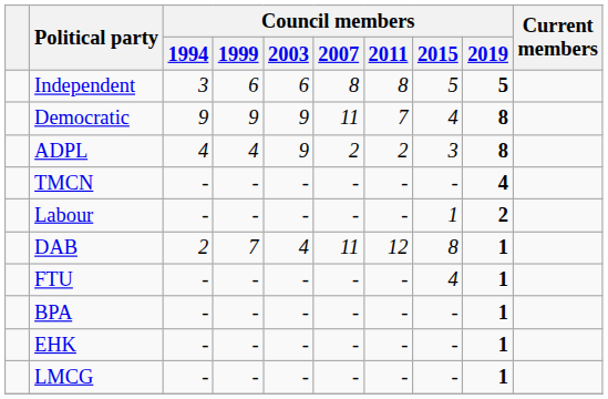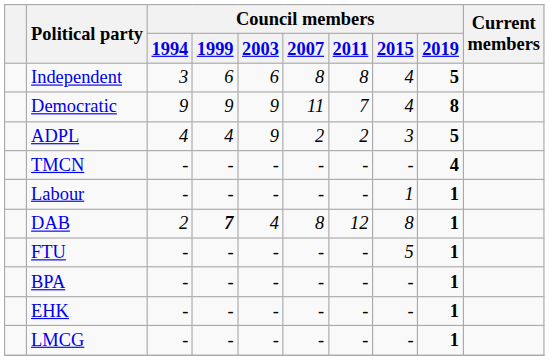 <table class="wikitable">
 <tr>
 <th rowspan="2">   </th>
 <th rowspan="2">Political party</th>
 <th colspan="7">Council members</th>
 <th colspan="10" rowspan="2">Current<br>members</th>
 </tr>
 <tr>
 <th><a href='#'>1994</a></th>
 <th><a href='#'>1999</a></th>
 <th><a href='#'>2003</a></th>
 <th><a href='#'>2007</a></th>
 <th><a href='#'>2011</a></th>
 <th><a href='#'>2015</a></th>
 <th><a href='#'>2019</a></th>
 </tr>
 <tr>
 <td bgcolor=> </td>
 <td><a href='#'>Independent</a></td>
 <td style="text-align: right"><em>3</em></td>
 <td style="text-align: right"><em>6</em></td>
 <td style="text-align: right"><em>6</em></td>
 <td style="text-align: right"><em>8</em></td>
 <td style="text-align: right"><em>8</em></td>
-<td style="text-align: right"><em>5</em></td>
+<td style="text-align: right"><em>4</em></td>
 <td style="text-align: right"><strong>5</strong></td>
 <td></td>
 </tr>
 <tr>
 <td bgcolor=> </td>
 <td><a href='#'>Democratic</a></td>
 <td style="text-align: right"><em>9</em></td>
 <td style="text-align: right"><em>9</em></td>
 <td style="text-align: right"><em>9</em></td>
 <td style="text-align: right"><em>11</em></td>
 <td style="text-align: right"><em>7</em></td>
 <td style="text-align: right"><em>4</em></td>
 <td style="text-align: right"><strong>8</strong></td>
 <td></td>
 </tr>
 <tr>
 <td style="background-color:"> </td>
 <td><a href='#'>ADPL</a></td>
 <td style="text-align: right"><em>4</em></td>
 <td style="text-align: right"><em>4</em></td>
 <td style="text-align: right"><em>9</em></td>
 <td style="text-align: right"><em>2</em></td>
 <td style="text-align: right"><em>2</em></td>
 <td style="text-align: right"><em>3</em></td>
-<td style="text-align: right"><strong>8</strong></td>
+<td style="text-align: right"><strong>5</strong></td>
 <td></td>
 </tr>
 <tr>
 <td style="background-color:"> </td>
 <td><a href='#'>TMCN</a></td>
 <td style="text-align: right"><em>-</em></td>
 <td style="text-align: right"><em>-</em></td>
 <td style="text-align: right"><em>-</em></td>
 <td style="text-align: right"><em>-</em></td>
 <td style="text-align: right"><em>-</em></td>
 <td style="text-align: right"><em>-</em></td>
 <td style="text-align: right"><strong>4</strong></td>
 <td></td>
 </tr>
 <tr>
 <td style="background-color:"> </td>
 <td><a href='#'>Labour</a></td>
 <td style="text-align: right"><em>-</em></td>
 <td style="text-align: right"><em>-</em></td>
 <td style="text-align: right"><em>-</em></td>
 <td style="text-align: right"><em>-</em></td>
 <td style="text-align: right"><em>-</em></td>
 <td style="text-align: right"><em>1</em></td>
-<td style="text-align: right"><strong>2</strong></td>
+<td style="text-align: right"><strong>1</strong></td>
 <td></td>
 </tr>
 <tr>
 <td style="background-color:"> </td>
 <td><a href='#'>DAB</a></td>
 <td style="text-align: right"><em>2</em></td>
-<td style="text-align: right"><em>7</em></td>
+<td style="text-align: right"><strong><em>7</em></strong></td>
 <td style="text-align: right"><em>4</em></td>
-<td style="text-align: right"><em>11</em></td>
+<td style="text-align: right"><em>8</em></td>
 <td style="text-align: right"><em>12</em></td>
 <td style="text-align: right"><em>8</em></td>
 <td style="text-align: right"><strong>1</strong></td>
 <td></td>
 </tr>
 <tr>
 <td style="background-color:"> </td>
 <td><a href='#'>FTU</a></td>
 <td style="text-align: right"><em>-</em></td>
 <td style="text-align: right"><em>-</em></td>
 <td style="text-align: right"><em>-</em></td>
 <td style="text-align: right"><em>-</em></td>
 <td style="text-align: right"><em>-</em></td>
-<td style="text-align: right"><em>4</em></td>
+<td style="text-align: right"><em>5</em></td>
 <td style="text-align: right"><strong>1</strong></td>
 <td></td>
 </tr>
 <tr>
 <td style="background-color:"> </td>
 <td><a href='#'>BPA</a></td>
 <td style="text-align: right"><em>-</em></td>
 <td style="text-align: right"><em>-</em></td>
 <td style="text-align: right"><em>-</em></td>
 <td style="text-align: right"><em>-</em></td>
 <td style="text-align: right"><em>-</em></td>
 <td style="text-align: right"><em>-</em></td>
 <td style="text-align: right"><strong>1</strong></td>
 <td></td>
 </tr>
 <tr>
 <td style="background-color:"> </td>
 <td><a href='#'>EHK</a></td>
 <td style="text-align: right"><em>-</em></td>
 <td style="text-align: right"><em>-</em></td>
 <td style="text-align: right"><em>-</em></td>
 <td style="text-align: right"><em>-</em></td>
 <td style="text-align: right"><em>-</em></td>
 <td style="text-align: right"><em>-</em></td>
 <td style="text-align: right"><strong>1</strong></td>
 <td></td>
 </tr>
 <tr>
 <td style="background-color:"> </td>
 <td><a href='#'>LMCG</a></td>
 <td style="text-align: right"><em>-</em></td>
 <td style="text-align: right"><em>-</em></td>
 <td style="text-align: right"><em>-</em></td>
 <td style="text-align: right"><em>-</em></td>
 <td style="text-align: right"><em>-</em></td>
 <td style="text-align: right"><em>-</em></td>
 <td style="text-align: right"><strong>1</strong></td>
 <td></td>
 </tr>
 <tr>
 </tr>
 </table>
